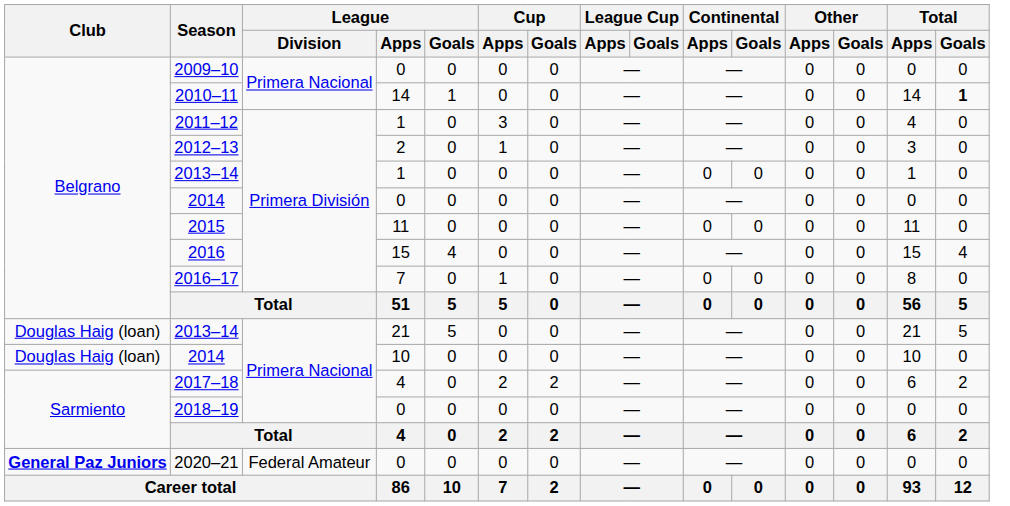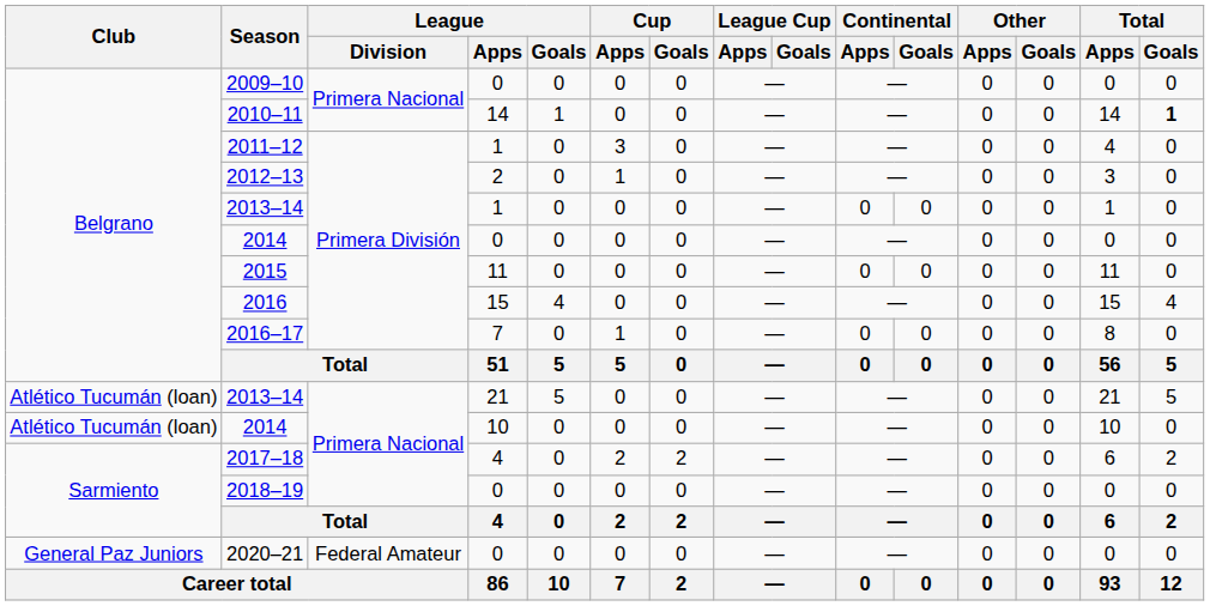 <table class="wikitable" style="text-align:center">
 <tr>
 <th rowspan="2">Club</th>
 <th rowspan="2">Season</th>
 <th colspan="3">League</th>
 <th colspan="2">Cup</th>
 <th colspan="2">League Cup</th>
 <th colspan="2">Continental</th>
 <th colspan="2">Other</th>
 <th colspan="2">Total</th>
 </tr>
 <tr>
 <th>Division</th>
 <th>Apps</th>
 <th>Goals</th>
 <th>Apps</th>
 <th>Goals</th>
 <th>Apps</th>
 <th>Goals</th>
 <th>Apps</th>
 <th>Goals</th>
 <th>Apps</th>
 <th>Goals</th>
 <th>Apps</th>
 <th>Goals</th>
 </tr>
 <tr>
 <td rowspan="10"><a href='#'>Belgrano</a></td>
 <td><a href='#'>2009–10</a></td>
 <td rowspan="2"><a href='#'>Primera Nacional</a></td>
 <td>0</td>
 <td>0</td>
 <td>0</td>
 <td>0</td>
 <td colspan="2">—</td>
 <td colspan="2">—</td>
 <td>0</td>
 <td>0</td>
 <td>0</td>
 <td>0</td>
 </tr>
 <tr>
 <td><a href='#'>2010–11</a></td>
 <td>14</td>
 <td>1</td>
 <td>0</td>
 <td>0</td>
 <td colspan="2">—</td>
 <td colspan="2">—</td>
 <td>0</td>
 <td>0</td>
 <td>14</td>
 <td><strong>1</strong></td>
 </tr>
 <tr>
 <td><a href='#'>2011–12</a></td>
 <td rowspan="7"><a href='#'>Primera División</a></td>
 <td>1</td>
 <td>0</td>
 <td>3</td>
 <td>0</td>
 <td colspan="2">—</td>
 <td colspan="2">—</td>
 <td>0</td>
 <td>0</td>
 <td>4</td>
 <td>0</td>
 </tr>
 <tr>
 <td><a href='#'>2012–13</a></td>
 <td>2</td>
 <td>0</td>
 <td>1</td>
 <td>0</td>
 <td colspan="2">—</td>
 <td colspan="2">—</td>
 <td>0</td>
 <td>0</td>
 <td>3</td>
 <td>0</td>
 </tr>
 <tr>
 <td><a href='#'>2013–14</a></td>
 <td>1</td>
 <td>0</td>
 <td>0</td>
 <td>0</td>
 <td colspan="2">—</td>
 <td>0</td>
 <td>0</td>
 <td>0</td>
 <td>0</td>
 <td>1</td>
 <td>0</td>
 </tr>
 <tr>
 <td><a href='#'>2014</a></td>
 <td>0</td>
 <td>0</td>
 <td>0</td>
 <td>0</td>
 <td colspan="2">—</td>
 <td colspan="2">—</td>
 <td>0</td>
 <td>0</td>
 <td>0</td>
 <td>0</td>
 </tr>
 <tr>
 <td><a href='#'>2015</a></td>
 <td>11</td>
 <td>0</td>
 <td>0</td>
 <td>0</td>
 <td colspan="2">—</td>
 <td>0</td>
 <td>0</td>
 <td>0</td>
 <td>0</td>
 <td>11</td>
 <td>0</td>
 </tr>
 <tr>
 <td><a href='#'>2016</a></td>
 <td>15</td>
 <td>4</td>
 <td>0</td>
 <td>0</td>
 <td colspan="2">—</td>
 <td colspan="2">—</td>
 <td>0</td>
 <td>0</td>
 <td>15</td>
 <td>4</td>
 </tr>
 <tr>
 <td><a href='#'>2016–17</a></td>
 <td>7</td>
 <td>0</td>
 <td>1</td>
 <td>0</td>
 <td colspan="2">—</td>
 <td>0</td>
 <td>0</td>
 <td>0</td>
 <td>0</td>
 <td>8</td>
 <td>0</td>
 </tr>
 <tr>
 <th colspan="2">Total</th>
 <th>51</th>
 <th>5</th>
 <th>5</th>
 <th>0</th>
 <th colspan="2">—</th>
 <th>0</th>
 <th>0</th>
 <th>0</th>
 <th>0</th>
 <th>56</th>
 <th>5</th>
 </tr>
 <tr>
-<td rowspan="1"><a href='#'>Douglas Haig</a> (loan)</td>
+<td rowspan="1"><a href='#'>Atlético Tucumán</a> (loan)</td>
 <td><a href='#'>2013–14</a></td>
 <td rowspan="4"><a href='#'>Primera Nacional</a></td>
 <td>21</td>
 <td>5</td>
 <td>0</td>
 <td>0</td>
 <td colspan="2">—</td>
 <td colspan="2">—</td>
 <td>0</td>
 <td>0</td>
 <td>21</td>
 <td>5</td>
 </tr>
 <tr>
-<td rowspan="1"><a href='#'>Douglas Haig</a> (loan)</td>
+<td rowspan="1"><a href='#'>Atlético Tucumán</a> (loan)</td>
 <td><a href='#'>2014</a></td>
 <td>10</td>
 <td>0</td>
 <td>0</td>
 <td>0</td>
 <td colspan="2">—</td>
 <td colspan="2">—</td>
 <td>0</td>
 <td>0</td>
 <td>10</td>
 <td>0</td>
 </tr>
 <tr>
 <td rowspan="3"><a href='#'>Sarmiento</a></td>
 <td><a href='#'>2017–18</a></td>
 <td>4</td>
 <td>0</td>
 <td>2</td>
 <td>2</td>
 <td colspan="2">—</td>
 <td colspan="2">—</td>
 <td>0</td>
 <td>0</td>
 <td>6</td>
 <td>2</td>
 </tr>
 <tr>
 <td><a href='#'>2018–19</a></td>
 <td>0</td>
 <td>0</td>
 <td>0</td>
 <td>0</td>
 <td colspan="2">—</td>
 <td colspan="2">—</td>
 <td>0</td>
 <td>0</td>
 <td>0</td>
 <td>0</td>
 </tr>
 <tr>
 <th colspan="2">Total</th>
 <th>4</th>
 <th>0</th>
 <th>2</th>
 <th>2</th>
 <th colspan="2">—</th>
 <th colspan="2">—</th>
 <th>0</th>
 <th>0</th>
 <th>6</th>
 <th>2</th>
 </tr>
 <tr>
-<td rowspan="1"><strong><a href='#'>General Paz Juniors</a></strong></td>
+<td rowspan="1"><a href='#'>General Paz Juniors</a></td>
 <td>2020–21</td>
 <td rowspan="1">Federal Amateur</td>
 <td>0</td>
 <td>0</td>
 <td>0</td>
 <td>0</td>
 <td colspan="2">—</td>
 <td colspan="2">—</td>
 <td>0</td>
 <td>0</td>
 <td>0</td>
 <td>0</td>
 </tr>
 <tr>
 <th colspan="3">Career total</th>
 <th>86</th>
 <th>10</th>
 <th>7</th>
 <th>2</th>
 <th colspan="2">—</th>
 <th>0</th>
 <th>0</th>
 <th>0</th>
 <th>0</th>
 <th>93</th>
 <th>12</th>
 </tr>
 </table>
